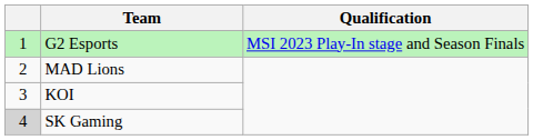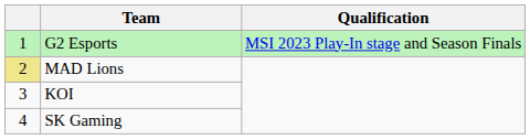 <table class="wikitable" style="text-align:center">
 <tr>
 <th width=28></th>
 <th width=190>Team</th>
 <th>Qualification</th>
 </tr>
 <tr style="background-color:#BBF3BB;">
 <td>1</td>
 <td style="text-align:left">G2 Esports</td>
 <td><a href='#'>MSI 2023 Play-In stage</a> and Season Finals</td>
 </tr>
 <tr>
-<td>2</td>
+<td style="background: khaki;">2</td>
 <td style="text-align:left">MAD Lions</td>
 </tr>
 <tr>
 <td>3</td>
 <td style="text-align:left">KOI</td>
 </tr>
 <tr>
-<td style="background: lightgrey;">4</td>
+<td>4</td>
 <td style="text-align:left">SK Gaming</td>
 </tr>
 </table>
